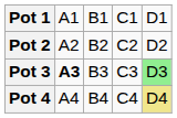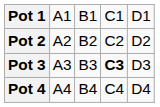 <table class="wikitable">
 <tr>
 <th>Pot 1</th>
 <td>A1</td>
 <td>B1</td>
 <td>C1</td>
 <td>D1</td>
 </tr>
 <tr>
 <th>Pot 2</th>
 <td>A2</td>
 <td>B2</td>
 <td>C2</td>
 <td>D2</td>
 </tr>
 <tr>
 <th>Pot 3</th>
-<td><strong>A3</strong></td>
+<td>A3</td>
 <td>B3</td>
-<td>C3</td>
-<td style="background: lightgreen;">D3</td>
+<td><strong>C3</strong></td>
+<td>D3</td>
 </tr>
 <tr>
 <th>Pot 4</th>
 <td>A4</td>
 <td>B4</td>
 <td>C4</td>
-<td style="background: khaki;">D4</td>
+<td>D4</td>
 </tr>
 </table>
